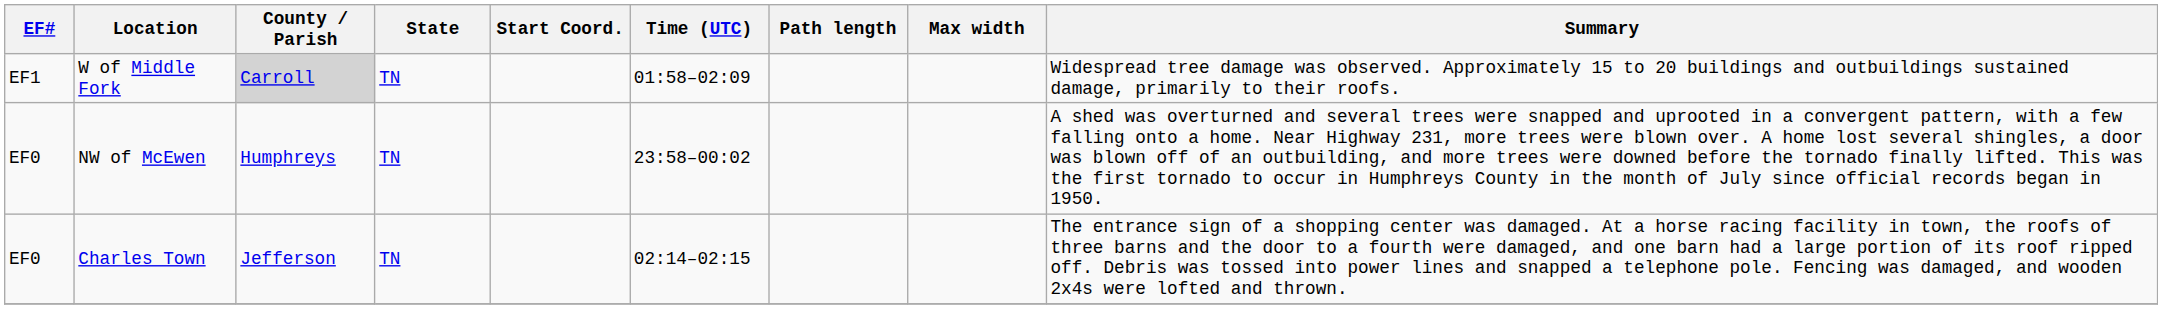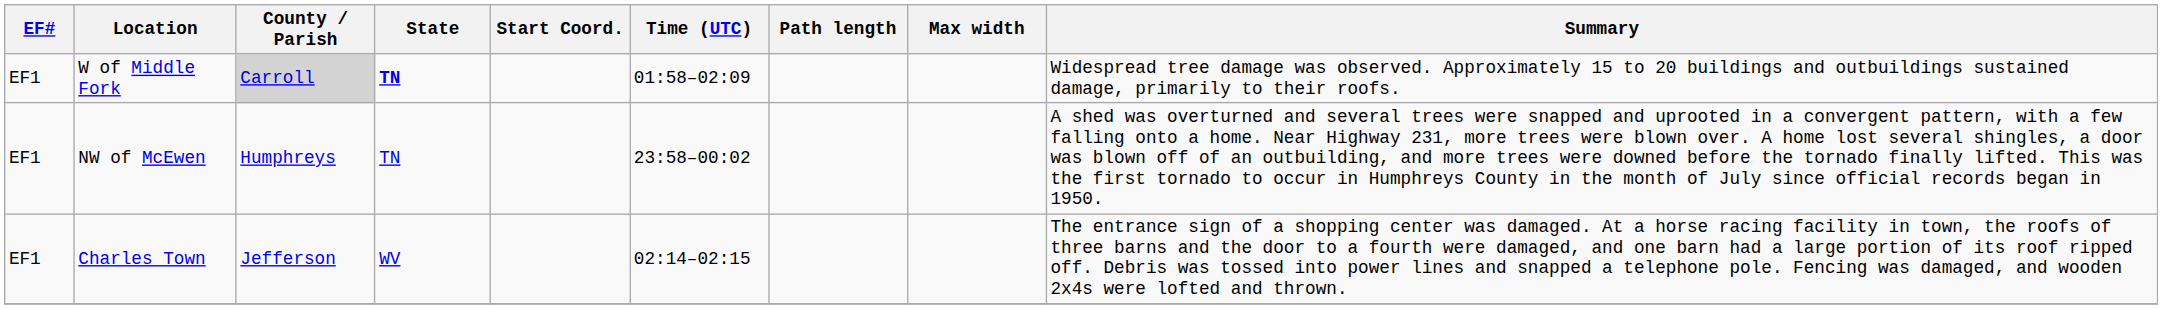 <table class="wikitable sortable" style="width:100%;">
 <tr>
 <th scope="col"  style="width:3%; text-align:center;"><a href='#'>EF#</a></th>
 <th scope="col"  style="width:7%; text-align:center;" class="unsortable">Location</th>
 <th scope="col"  style="width:6%; text-align:center;" class="unsortable">County / Parish</th>
 <th scope="col"  style="width:5%; text-align:center;">State</th>
 <th scope="col"  style="width:6%; text-align:center;">Start Coord.</th>
 <th scope="col"  style="width:6%; text-align:center;">Time (<a href='#'>UTC</a>)</th>
 <th scope="col"  style="width:6%; text-align:center;">Path length</th>
 <th scope="col"  style="width:6%; text-align:center;">Max width</th>
 <th scope="col" class="unsortable" style="width:48%; text-align:center;">Summary</th>
 </tr>
 <tr>
 <td>EF1</td>
 <td>W of <a href='#'>Middle Fork</a></td>
 <td style="background: lightgrey;"><a href='#'>Carroll</a></td>
-<td><a href='#'>TN</a></td>
+<td><strong><a href='#'>TN</a></strong></td>
 <td></td>
 <td>01:58–02:09</td>
 <td></td>
 <td></td>
 <td>Widespread tree damage was observed. Approximately 15 to 20 buildings and outbuildings sustained damage, primarily to their roofs.</td>
 </tr>
 <tr>
-<td>EF0</td>
+<td>EF1</td>
 <td>NW of <a href='#'>McEwen</a></td>
 <td><a href='#'>Humphreys</a></td>
 <td><a href='#'>TN</a></td>
 <td></td>
 <td>23:58–00:02</td>
 <td></td>
 <td></td>
 <td>A shed was overturned and several trees were snapped and uprooted in a convergent pattern, with a few falling onto a home. Near Highway 231, more trees were blown over. A home lost several shingles, a door was blown off of an outbuilding, and more trees were downed before the tornado finally lifted. This was the first tornado to occur in Humphreys County in the month of July since official records began in 1950.</td>
 </tr>
 <tr>
-<td>EF0</td>
+<td>EF1</td>
 <td><a href='#'>Charles Town</a></td>
 <td><a href='#'>Jefferson</a></td>
-<td><a href='#'>TN</a></td>
+<td><a href='#'>WV</a></td>
 <td></td>
 <td>02:14–02:15</td>
 <td></td>
 <td></td>
 <td>The entrance sign of a shopping center was damaged. At a horse racing facility in town, the roofs of three barns and the door to a fourth were damaged, and one barn had a large portion of its roof ripped off. Debris was tossed into power lines and snapped a telephone pole. Fencing was damaged, and wooden 2x4s were lofted and thrown.</td>
 </tr>
 <tr>
 </tr>
 </table>
